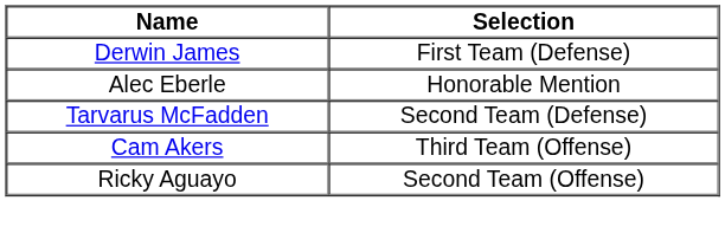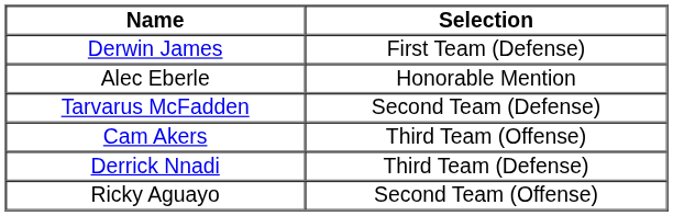 <table cellpadding="1" border="1" cellspacing="0" width="80%">
 <tr>
 <th>Name</th>
 <th>Selection</th>
 </tr>
 <tr align="center">
 <td><a href='#'>Derwin James</a></td>
 <td>First Team (Defense)</td>
 </tr>
 <tr align="center">
 <td>Alec Eberle</td>
 <td>Honorable Mention</td>
 </tr>
 <tr align="center">
 <td><a href='#'>Tarvarus McFadden</a></td>
 <td>Second Team (Defense)</td>
 </tr>
 <tr align="center">
 <td><a href='#'>Cam Akers</a></td>
 <td>Third Team (Offense)</td>
 </tr>
 <tr align="center">
+<td><a href='#'>Derrick Nnadi</a></td>
+<td>Third Team (Defense)</td>
+</tr>
+<tr align="center">
 <td>Ricky Aguayo</td>
 <td>Second Team (Offense)</td>
 </tr>
 </table>
